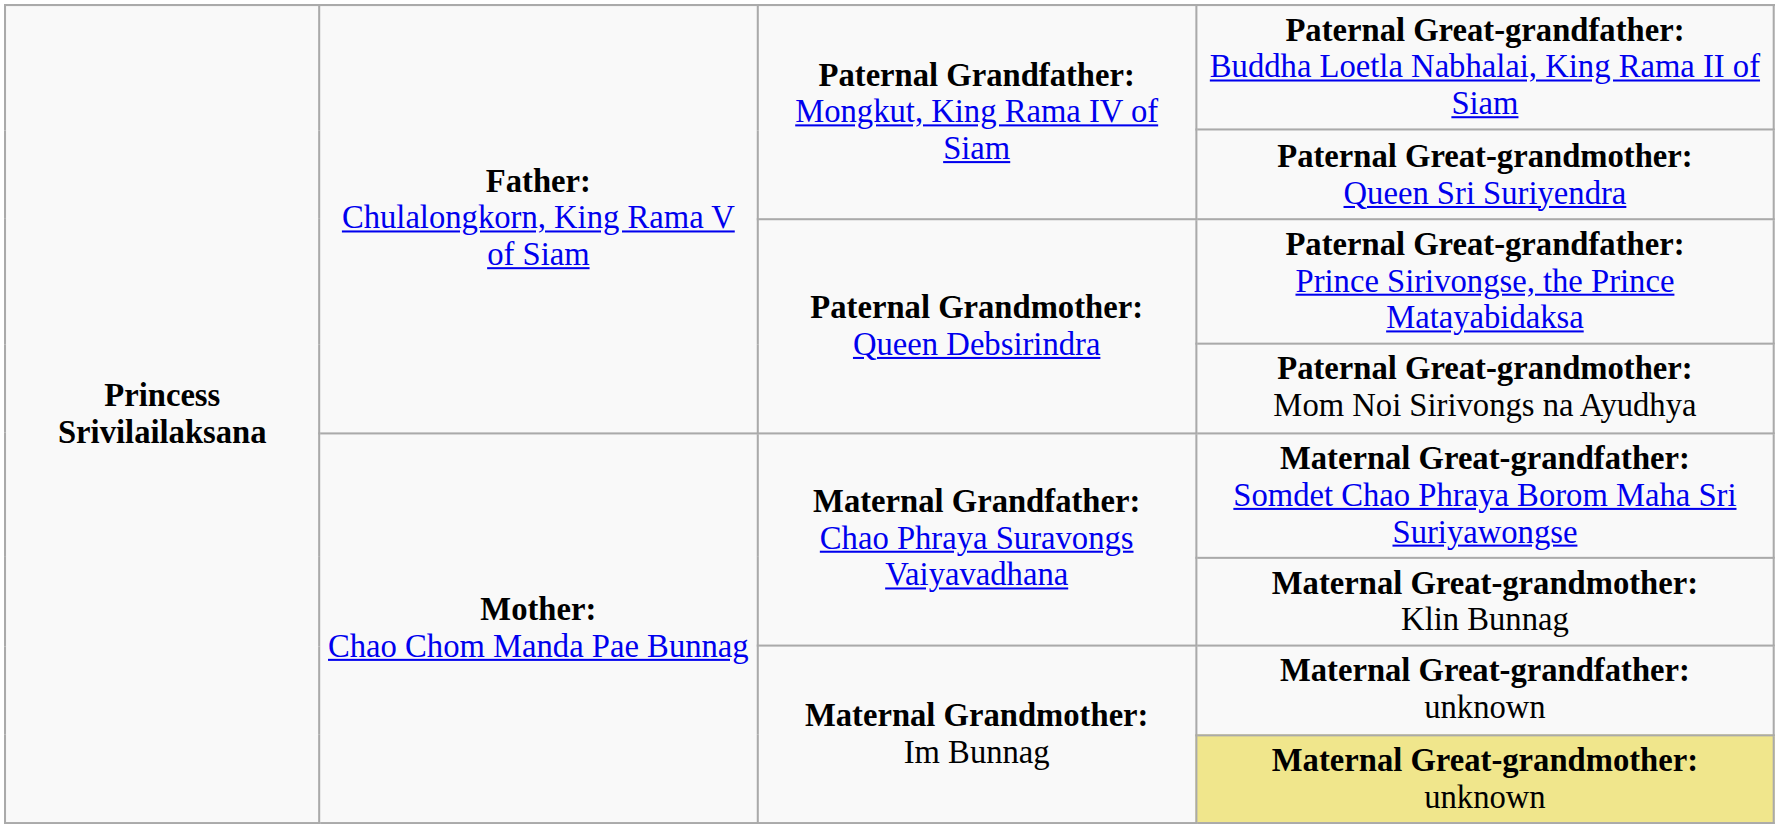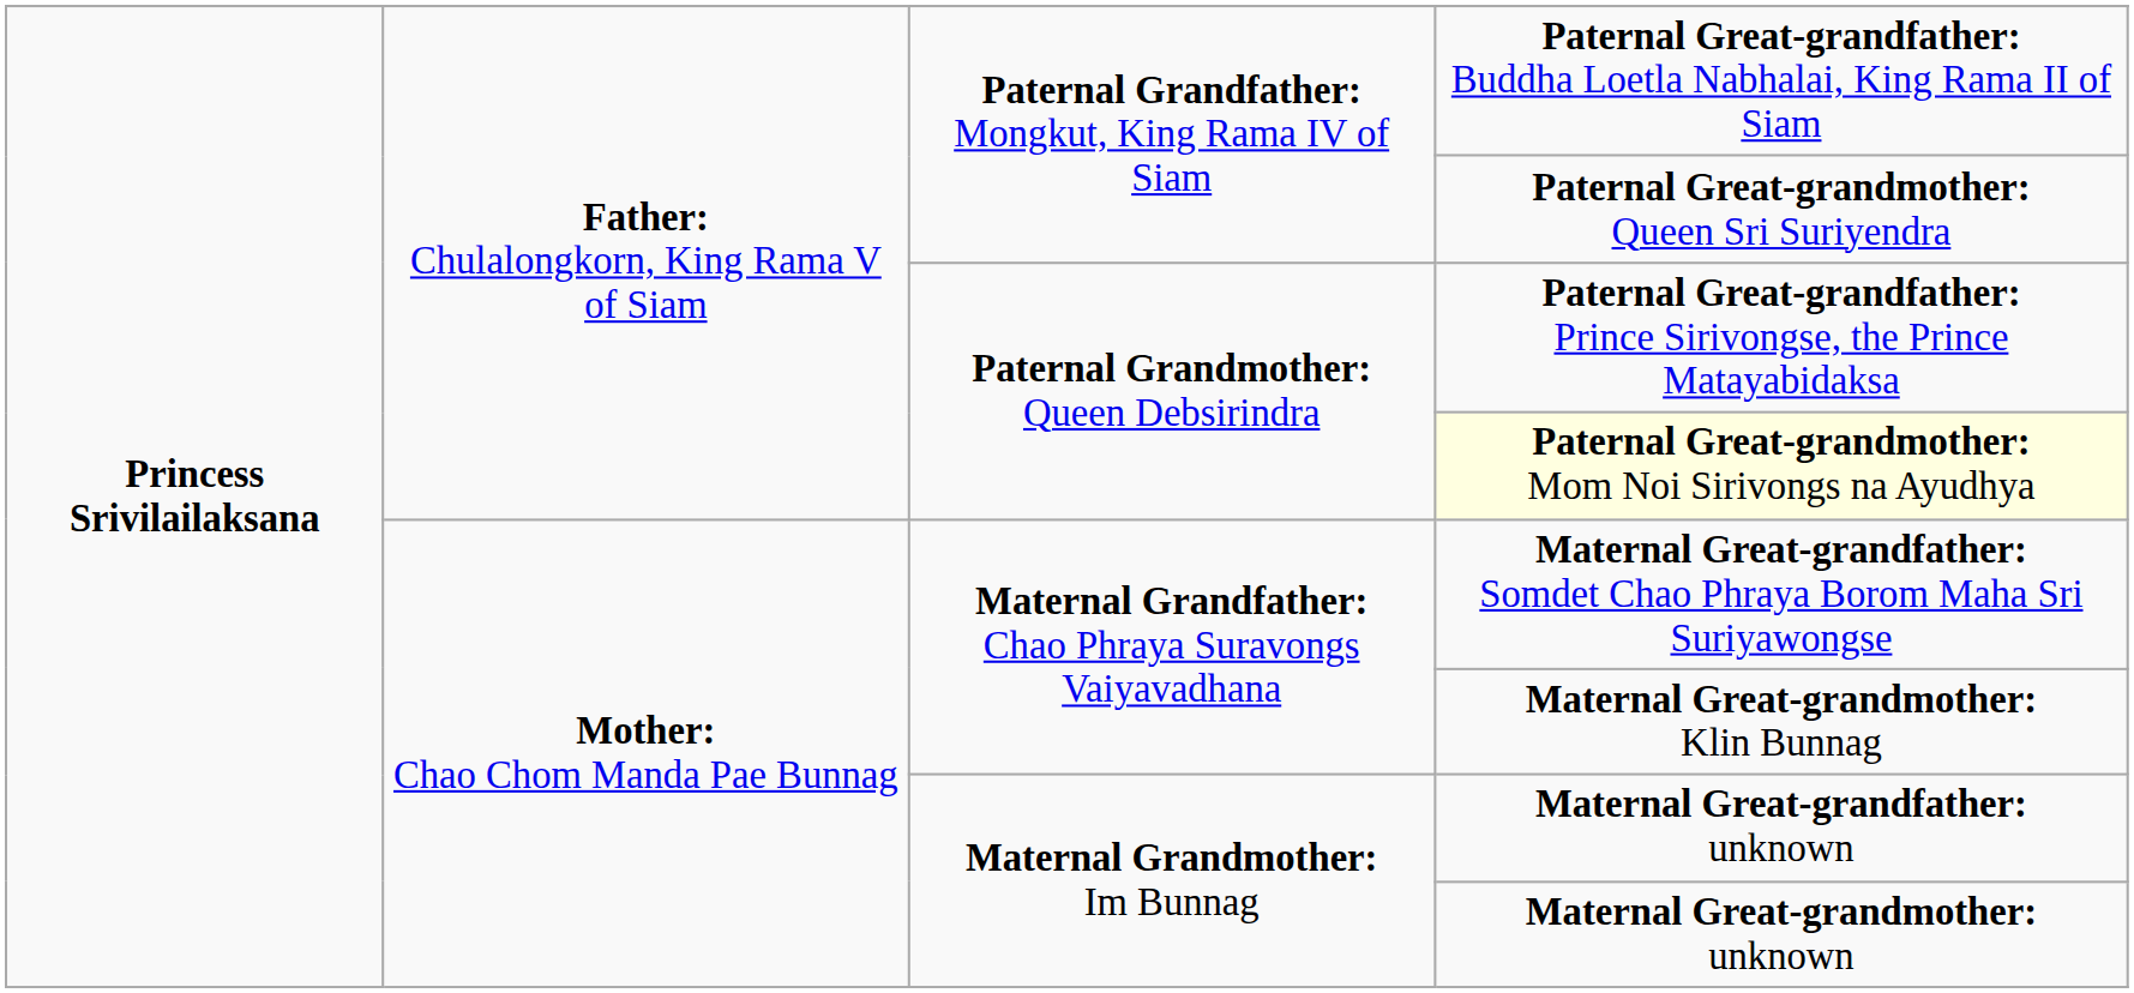 <table class="wikitable">
 <tr>
 </tr>
 <tr>
 <td rowspan="8" align="center"><strong>Princess Srivilailaksana</strong></td>
 <td rowspan="4" align="center"><strong>Father:</strong><br><a href='#'>Chulalongkorn, King Rama V of Siam</a></td>
 <td rowspan="2" align="center"><strong>Paternal Grandfather:</strong><br><a href='#'>Mongkut, King Rama IV of Siam</a></td>
 <td align = "center"><strong>Paternal Great-grandfather:</strong><br><a href='#'>Buddha Loetla Nabhalai, King Rama II of Siam</a></td>
 </tr>
 <tr>
 <td align = "center"><strong>Paternal Great-grandmother:</strong><br><a href='#'>Queen Sri Suriyendra</a></td>
 </tr>
 <tr>
 <td rowspan="2" align="center"><strong>Paternal Grandmother:</strong><br><a href='#'>Queen Debsirindra</a></td>
 <td align = "center"><strong>Paternal Great-grandfather:</strong><br><a href='#'>Prince Sirivongse, the Prince Matayabidaksa</a></td>
 </tr>
 <tr>
-<td align = "center"><strong>Paternal Great-grandmother:</strong><br>Mom Noi Sirivongs na Ayudhya</td>
+<td align = "center" style="background: lightyellow;"><strong>Paternal Great-grandmother:</strong><br>Mom Noi Sirivongs na Ayudhya</td>
 </tr>
 <tr>
 <td rowspan="4" align="center"><strong>Mother:</strong><br><a href='#'>Chao Chom Manda Pae Bunnag</a></td>
 <td rowspan="2" align="center"><strong>Maternal Grandfather:</strong><br><a href='#'>Chao Phraya Suravongs Vaiyavadhana</a></td>
 <td align = "center"><strong>Maternal Great-grandfather:</strong><br><a href='#'>Somdet Chao Phraya Borom Maha Sri Suriyawongse</a></td>
 </tr>
 <tr>
 <td align = "center"><strong>Maternal Great-grandmother:</strong><br>Klin Bunnag</td>
 </tr>
 <tr>
 <td rowspan="2" align="center"><strong>Maternal Grandmother:</strong><br>Im Bunnag</td>
 <td align = "center"><strong>Maternal Great-grandfather:</strong><br>unknown</td>
 </tr>
 <tr>
-<td align = "center" style="background: khaki;"><strong>Maternal Great-grandmother:</strong><br>unknown</td>
+<td align = "center"><strong>Maternal Great-grandmother:</strong><br>unknown</td>
 </tr>
 </table>
